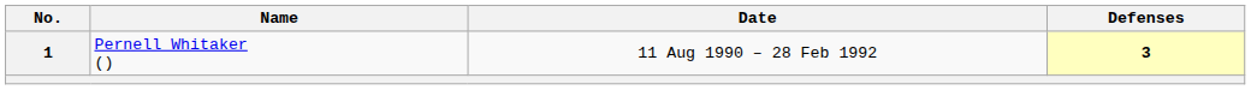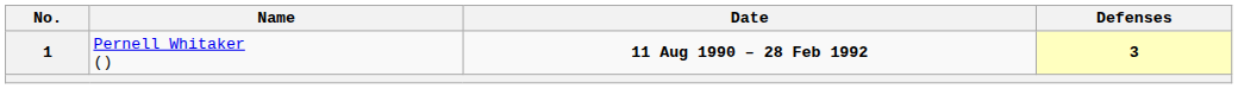 <table class="wikitable sortable" style="width:80%">
 <tr>
 <th>No.</th>
 <th>Name</th>
 <th>Date</th>
 <th>Defenses</th>
 </tr>
 <tr align=center>
 <th>1</th>
 <td align=left><a href='#'>Pernell Whitaker</a><br>()</td>
-<td>11 Aug 1990 – 28 Feb 1992</td>
+<td><strong>11 Aug 1990 – 28 Feb 1992</strong></td>
 <td style="background:#ffffbf;"><strong>3</strong></td>
 </tr>
 <tr align=center>
 <th colspan="4"></th>
 </tr>
 </table>
